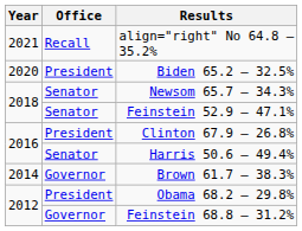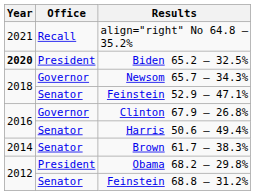 <table class=wikitable>
 <tr>
 <th width="30">Year</th>
 <th width="60">Office</th>
 <th width="180">Results</th>
 </tr>
 <tr>
 <td>2021</td>
 <td><a href='#'>Recall</a></td>
 <td>align="right"  No 64.8 – 35.2%</td>
 </tr>
 <tr>
-<td rowspan="1">2020</td>
+<td rowspan="1"><strong>2020</strong></td>
 <td><a href='#'>President</a></td>
 <td align="right" ><a href='#'>Biden</a> 65.2 – 32.5%</td>
 </tr>
 <tr>
 <td rowspan="2">2018</td>
-<td><a href='#'>Senator</a></td>
+<td><a href='#'>Governor</a></td>
 <td align="right" ><a href='#'>Newsom</a> 65.7 – 34.3%</td>
 </tr>
 <tr>
 <td><a href='#'>Senator</a></td>
 <td align="right" ><a href='#'>Feinstein</a> 52.9 – 47.1%</td>
 </tr>
 <tr>
 <td rowspan="2">2016</td>
-<td><a href='#'>President</a></td>
+<td><a href='#'>Governor</a></td>
 <td align="right" ><a href='#'>Clinton</a> 67.9 – 26.8%</td>
 </tr>
 <tr>
 <td><a href='#'>Senator</a></td>
 <td align="right" ><a href='#'>Harris</a> 50.6 – 49.4%</td>
 </tr>
 <tr>
 <td>2014</td>
-<td><a href='#'>Governor</a></td>
+<td><a href='#'>Senator</a></td>
 <td align="right" ><a href='#'>Brown</a> 61.7 – 38.3%</td>
 </tr>
 <tr>
 <td rowspan="2">2012</td>
 <td><a href='#'>President</a></td>
 <td align="right" ><a href='#'>Obama</a> 68.2 – 29.8%</td>
 </tr>
 <tr>
-<td><a href='#'>Governor</a></td>
+<td><a href='#'>Senator</a></td>
 <td align="right" ><a href='#'>Feinstein</a> 68.8 – 31.2%</td>
 </tr>
 </table>
